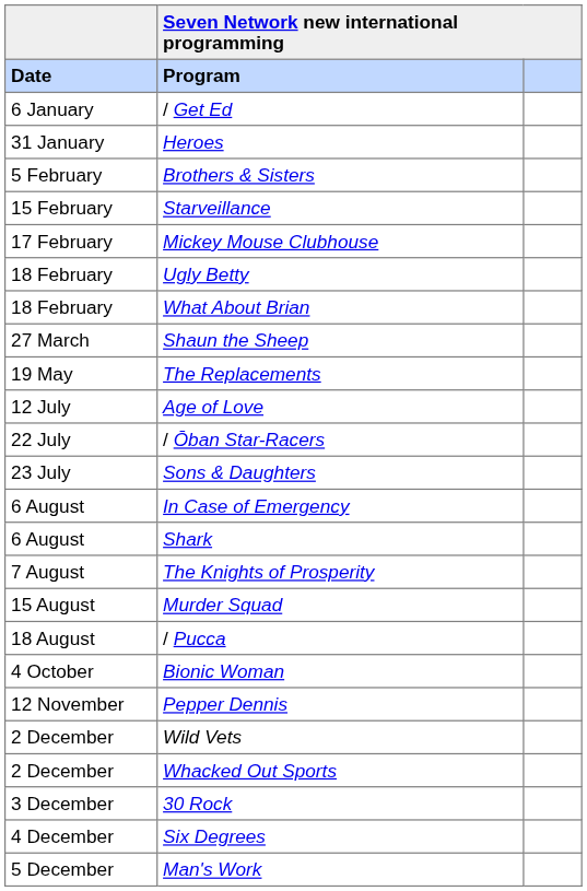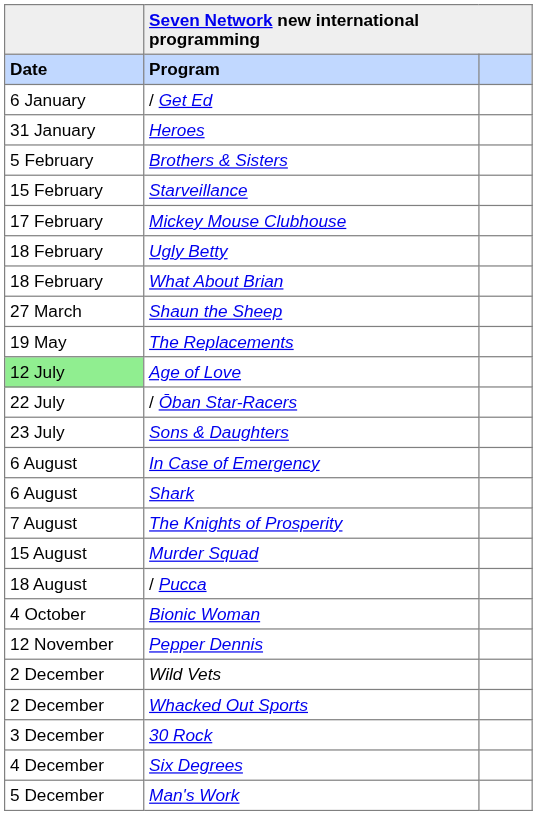 <table border="1" cellpadding="4" cellspacing="0" style="text-align:left; font-size:89%; border-collapse:collapse;" width=70%>
 <tr style="background-color:#efefef;">
 <td colspan=1></td>
 <td colspan=3><strong><a href='#'>Seven Network</a> new international programming</strong></td>
 </tr>
 <tr style="background:#C1D8FF;">
 <th width=6%>Date</th>
 <th width=25%>Program</th>
 <th width=4%></th>
 </tr>
 <tr>
 <td>6 January</td>
 <td> /  <em><a href='#'>Get Ed</a></em></td>
 <td></td>
 </tr>
 <tr>
 <td>31 January</td>
 <td> <em><a href='#'>Heroes</a></em></td>
 <td></td>
 </tr>
 <tr>
 <td>5 February</td>
 <td> <em><a href='#'>Brothers & Sisters</a></em></td>
 <td></td>
 </tr>
 <tr>
 <td>15 February</td>
 <td> <em><a href='#'>Starveillance</a></em></td>
 <td></td>
 </tr>
 <tr>
 <td>17 February</td>
 <td> <em><a href='#'>Mickey Mouse Clubhouse</a></em></td>
 <td></td>
 </tr>
 <tr>
 <td>18 February</td>
 <td> <em><a href='#'>Ugly Betty</a></em></td>
 <td></td>
 </tr>
 <tr>
 <td>18 February</td>
 <td> <em><a href='#'>What About Brian</a></em></td>
 <td></td>
 </tr>
 <tr>
 <td>27 March</td>
 <td> <em><a href='#'>Shaun the Sheep</a></em></td>
 <td></td>
 </tr>
 <tr>
 <td>19 May</td>
 <td> <em><a href='#'>The Replacements</a></em></td>
 <td></td>
 </tr>
 <tr>
-<td>12 July</td>
+<td style="background: lightgreen;">12 July</td>
 <td> <em><a href='#'>Age of Love</a></em></td>
 <td></td>
 </tr>
 <tr>
 <td>22 July</td>
 <td> /  <em><a href='#'>Ōban Star-Racers</a></em></td>
 <td></td>
 </tr>
 <tr>
 <td>23 July</td>
 <td> <em><a href='#'>Sons & Daughters</a></em></td>
 <td></td>
 </tr>
 <tr>
 <td>6 August</td>
 <td> <em><a href='#'>In Case of Emergency</a></em></td>
 <td></td>
 </tr>
 <tr>
 <td>6 August</td>
 <td> <em><a href='#'>Shark</a></em></td>
 <td></td>
 </tr>
 <tr>
 <td>7 August</td>
 <td> <em><a href='#'>The Knights of Prosperity</a></em></td>
 <td></td>
 </tr>
 <tr>
 <td>15 August</td>
 <td> <em><a href='#'>Murder Squad</a></em></td>
 <td></td>
 </tr>
 <tr>
 <td>18 August</td>
 <td> /  <em><a href='#'>Pucca</a></em></td>
 <td></td>
 </tr>
 <tr>
 <td>4 October</td>
 <td> <em><a href='#'>Bionic Woman</a></em></td>
 <td></td>
 </tr>
 <tr>
 <td>12 November</td>
 <td> <em><a href='#'>Pepper Dennis</a></em></td>
 <td></td>
 </tr>
 <tr>
 <td>2 December</td>
 <td> <em>Wild Vets</em></td>
 <td></td>
 </tr>
 <tr>
 <td>2 December</td>
 <td> <em><a href='#'>Whacked Out Sports</a></em></td>
 <td></td>
 </tr>
 <tr>
 <td>3 December</td>
 <td> <em><a href='#'>30 Rock</a></em></td>
 <td></td>
 </tr>
 <tr>
 <td>4 December</td>
 <td> <em><a href='#'>Six Degrees</a></em></td>
 <td></td>
 </tr>
 <tr>
 <td>5 December</td>
 <td> <em><a href='#'>Man's Work</a></em></td>
 <td></td>
 </tr>
 </table>
